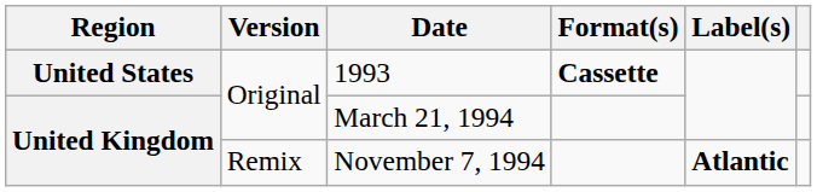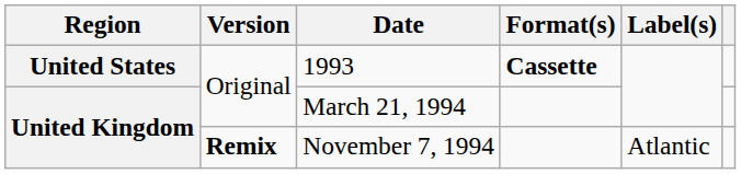 <table class="wikitable plainrowheaders">
 <tr>
 <th scope="col">Region</th>
 <th scope="col">Version</th>
 <th scope="col">Date</th>
 <th scope="col">Format(s)</th>
 <th scope="col">Label(s)</th>
 <th scope="col"></th>
 </tr>
 <tr>
 <th scope="row">United States</th>
 <td rowspan="2">Original</td>
 <td>1993</td>
 <td><strong>Cassette</strong></td>
 <td rowspan="2"></td>
 <td></td>
 </tr>
 <tr>
 <th scope="row" rowspan="2">United Kingdom</th>
 <td>March 21, 1994</td>
 <td></td>
 <td></td>
 </tr>
 <tr>
-<td>Remix</td>
+<td><strong>Remix</strong></td>
 <td>November 7, 1994</td>
 <td></td>
-<td><strong>Atlantic</strong></td>
+<td>Atlantic</td>
 <td></td>
 </tr>
 </table>
